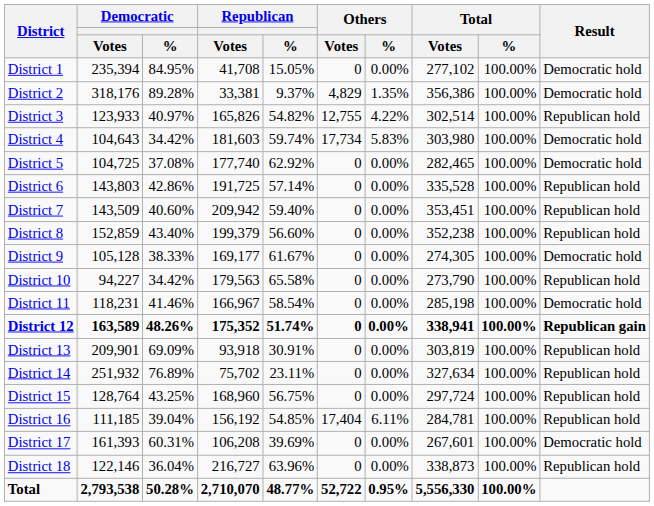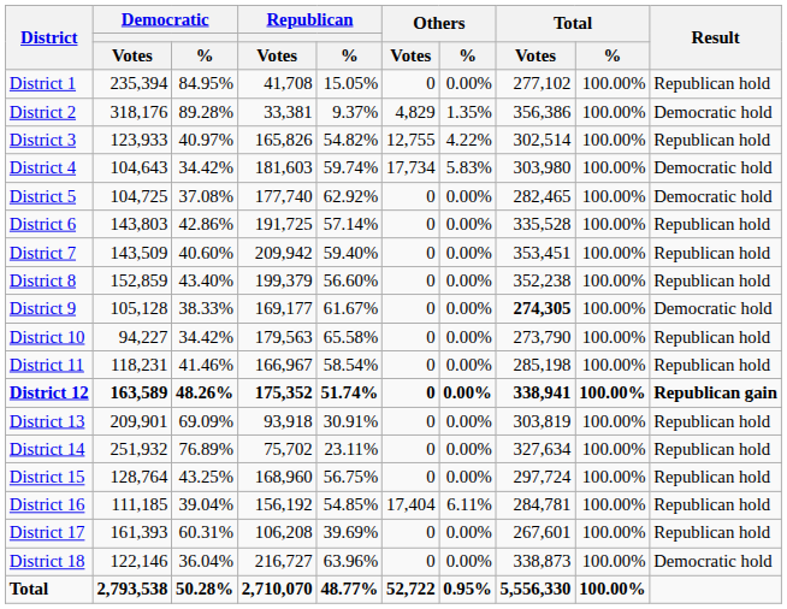 <table class="wikitable plainrowheaders sortable" style="font-size:100%; text-align:right;">
 <tr>
 <th scope=col rowspan=3><a href='#'>District</a></th>
 <th scope=col colspan=2><a href='#'>Democratic</a></th>
 <th scope=col colspan=2><a href='#'>Republican</a></th>
 <th scope=col colspan=2 rowspan=2>Others</th>
 <th scope=col colspan=2 rowspan=2>Total</th>
 <th scope=col rowspan=3>Result</th>
 </tr>
 <tr>
 <th scope=col colspan=2 style="background:"></th>
 <th scope=col colspan=2 style="background:"></th>
 </tr>
 <tr>
 <th scope=col data-sort-type="number">Votes</th>
 <th scope=col data-sort-type="number">%</th>
 <th scope=col data-sort-type="number">Votes</th>
 <th scope=col data-sort-type="number">%</th>
 <th scope=col data-sort-type="number">Votes</th>
 <th scope=col data-sort-type="number">%</th>
 <th scope=col data-sort-type="number">Votes</th>
 <th scope=col data-sort-type="number">%</th>
 </tr>
 <tr>
 <td align=left><a href='#'>District 1</a></td>
 <td>235,394</td>
 <td>84.95%</td>
 <td>41,708</td>
 <td>15.05%</td>
 <td>0</td>
 <td>0.00%</td>
 <td>277,102</td>
 <td>100.00%</td>
-<td align=left>Democratic hold</td>
+<td align=left>Republican hold</td>
 </tr>
 <tr>
 <td align=left><a href='#'>District 2</a></td>
 <td>318,176</td>
 <td>89.28%</td>
 <td>33,381</td>
 <td>9.37%</td>
 <td>4,829</td>
 <td>1.35%</td>
 <td>356,386</td>
 <td>100.00%</td>
 <td align=left>Democratic hold</td>
 </tr>
 <tr>
 <td align=left><a href='#'>District 3</a></td>
 <td>123,933</td>
 <td>40.97%</td>
 <td>165,826</td>
 <td>54.82%</td>
 <td>12,755</td>
 <td>4.22%</td>
 <td>302,514</td>
 <td>100.00%</td>
 <td align=left>Republican hold</td>
 </tr>
 <tr>
 <td align=left><a href='#'>District 4</a></td>
 <td>104,643</td>
 <td>34.42%</td>
 <td>181,603</td>
 <td>59.74%</td>
 <td>17,734</td>
 <td>5.83%</td>
 <td>303,980</td>
 <td>100.00%</td>
 <td align=left>Democratic hold</td>
 </tr>
 <tr>
 <td align=left><a href='#'>District 5</a></td>
 <td>104,725</td>
 <td>37.08%</td>
 <td>177,740</td>
 <td>62.92%</td>
 <td>0</td>
 <td>0.00%</td>
 <td>282,465</td>
 <td>100.00%</td>
 <td align=left>Democratic hold</td>
 </tr>
 <tr>
 <td align=left><a href='#'>District 6</a></td>
 <td>143,803</td>
 <td>42.86%</td>
 <td>191,725</td>
 <td>57.14%</td>
 <td>0</td>
 <td>0.00%</td>
 <td>335,528</td>
 <td>100.00%</td>
 <td align=left>Republican hold</td>
 </tr>
 <tr>
 <td align=left><a href='#'>District 7</a></td>
 <td>143,509</td>
 <td>40.60%</td>
 <td>209,942</td>
 <td>59.40%</td>
 <td>0</td>
 <td>0.00%</td>
 <td>353,451</td>
 <td>100.00%</td>
 <td align=left>Republican hold</td>
 </tr>
 <tr>
 <td align=left><a href='#'>District 8</a></td>
 <td>152,859</td>
 <td>43.40%</td>
 <td>199,379</td>
 <td>56.60%</td>
 <td>0</td>
 <td>0.00%</td>
 <td>352,238</td>
 <td>100.00%</td>
 <td align=left>Republican hold</td>
 </tr>
 <tr>
 <td align=left><a href='#'>District 9</a></td>
 <td>105,128</td>
 <td>38.33%</td>
 <td>169,177</td>
 <td>61.67%</td>
 <td>0</td>
 <td>0.00%</td>
-<td>274,305</td>
+<td><strong>274,305</strong></td>
 <td>100.00%</td>
 <td align=left>Democratic hold</td>
 </tr>
 <tr>
 <td align=left><a href='#'>District 10</a></td>
 <td>94,227</td>
 <td>34.42%</td>
 <td>179,563</td>
 <td>65.58%</td>
 <td>0</td>
 <td>0.00%</td>
 <td>273,790</td>
 <td>100.00%</td>
 <td align=left>Republican hold</td>
 </tr>
 <tr>
 <td align=left><a href='#'>District 11</a></td>
 <td>118,231</td>
 <td>41.46%</td>
 <td>166,967</td>
 <td>58.54%</td>
 <td>0</td>
 <td>0.00%</td>
 <td>285,198</td>
 <td>100.00%</td>
-<td align=left>Democratic hold</td>
+<td align=left>Republican hold</td>
 </tr>
 <tr>
 <td align=left><strong><a href='#'>District 12</a></strong></td>
 <td><strong>163,589</strong></td>
 <td><strong>48.26%</strong></td>
 <td><strong>175,352</strong></td>
 <td><strong>51.74%</strong></td>
 <td><strong>0</strong></td>
 <td><strong>0.00%</strong></td>
 <td><strong>338,941</strong></td>
 <td><strong>100.00%</strong></td>
 <td align=left><strong>Republican gain</strong></td>
 </tr>
 <tr>
 <td align=left><a href='#'>District 13</a></td>
 <td>209,901</td>
 <td>69.09%</td>
 <td>93,918</td>
 <td>30.91%</td>
 <td>0</td>
 <td>0.00%</td>
 <td>303,819</td>
 <td>100.00%</td>
 <td align=left>Republican hold</td>
 </tr>
 <tr>
 <td align=left><a href='#'>District 14</a></td>
 <td>251,932</td>
 <td>76.89%</td>
 <td>75,702</td>
 <td>23.11%</td>
 <td>0</td>
 <td>0.00%</td>
 <td>327,634</td>
 <td>100.00%</td>
 <td align=left>Republican hold</td>
 </tr>
 <tr>
 <td align=left><a href='#'>District 15</a></td>
 <td>128,764</td>
 <td>43.25%</td>
 <td>168,960</td>
 <td>56.75%</td>
 <td>0</td>
 <td>0.00%</td>
 <td>297,724</td>
 <td>100.00%</td>
 <td align=left>Republican hold</td>
 </tr>
 <tr>
 <td align=left><a href='#'>District 16</a></td>
 <td>111,185</td>
 <td>39.04%</td>
 <td>156,192</td>
 <td>54.85%</td>
 <td>17,404</td>
 <td>6.11%</td>
 <td>284,781</td>
 <td>100.00%</td>
 <td align=left>Republican hold</td>
 </tr>
 <tr>
 <td align=left><a href='#'>District 17</a></td>
 <td>161,393</td>
 <td>60.31%</td>
 <td>106,208</td>
 <td>39.69%</td>
 <td>0</td>
 <td>0.00%</td>
 <td>267,601</td>
 <td>100.00%</td>
-<td align=left>Democratic hold</td>
+<td align=left>Republican hold</td>
 </tr>
 <tr>
 <td align=left><a href='#'>District 18</a></td>
 <td>122,146</td>
 <td>36.04%</td>
 <td>216,727</td>
 <td>63.96%</td>
 <td>0</td>
 <td>0.00%</td>
 <td>338,873</td>
 <td>100.00%</td>
-<td align=left>Republican hold</td>
+<td align=left>Democratic hold</td>
 </tr>
 <tr class="sortbottom" style="font-weight:bold">
 <td align=left>Total</td>
 <td>2,793,538</td>
 <td>50.28%</td>
 <td>2,710,070</td>
 <td>48.77%</td>
 <td>52,722</td>
 <td>0.95%</td>
 <td>5,556,330</td>
 <td>100.00%</td>
 <td></td>
 </tr>
 </table>
